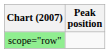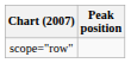 <table class="wikitable sortable plainrowheaders" style="text-align:center">
 <tr>
 <th scope="col">Chart (2007)</th>
 <th scope="col">Peak<br>position</th>
 </tr>
 <tr>
-<td style="background: lightgreen;">scope="row"</td>
+<td>scope="row"</td>
 </tr>
 </table>
